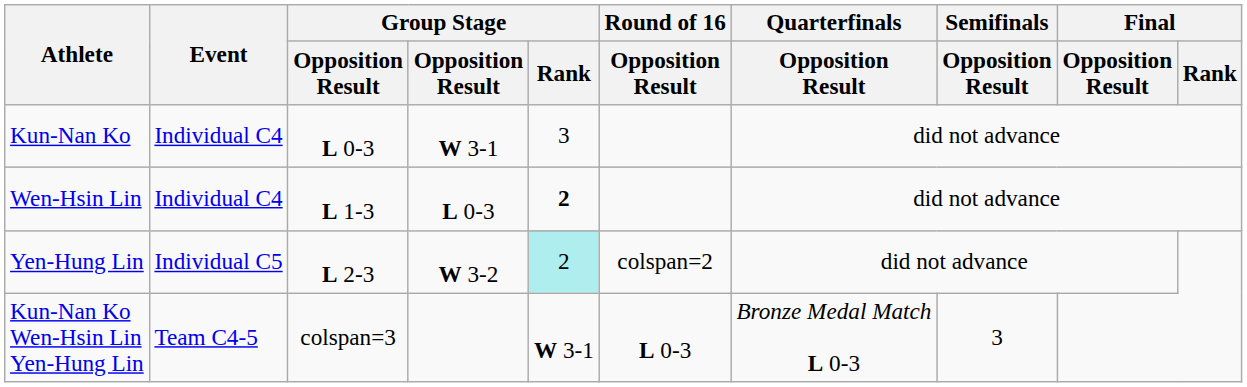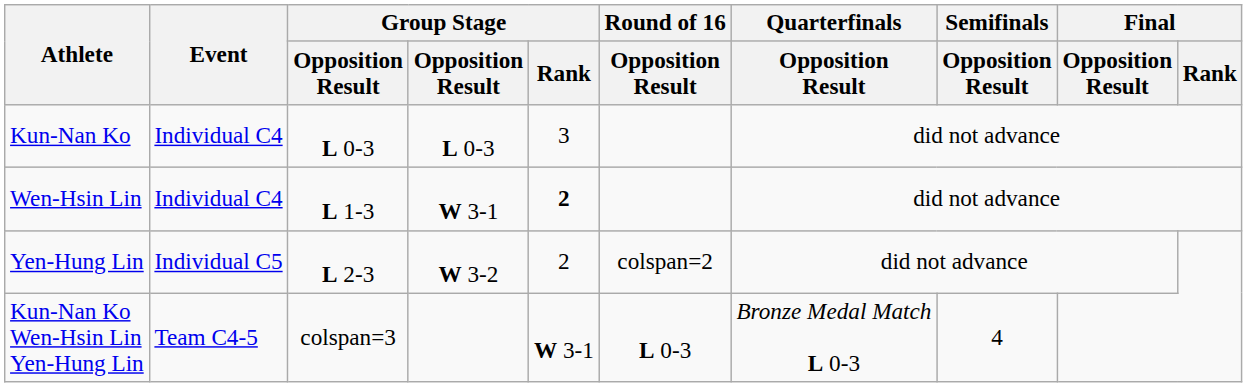 <table class=wikitable>
 <tr>
 <th rowspan="2">Athlete</th>
 <th rowspan="2">Event</th>
 <th colspan="3">Group Stage</th>
 <th>Round of 16</th>
 <th>Quarterfinals</th>
 <th>Semifinals</th>
 <th colspan="2">Final</th>
 </tr>
 <tr>
 <th>Opposition<br>Result</th>
 <th>Opposition<br>Result</th>
 <th>Rank</th>
 <th>Opposition<br>Result</th>
 <th>Opposition<br>Result</th>
 <th>Opposition<br>Result</th>
 <th>Opposition<br>Result</th>
 <th>Rank</th>
 </tr>
 <tr align=center>
 <td align=left><a href='#'>Kun-Nan Ko</a></td>
 <td align=left><a href='#'>Individual C4</a></td>
 <td><br><strong>L</strong> 0-3</td>
-<td><br><strong>W</strong> 3-1</td>
+<td><br><strong>L</strong> 0-3</td>
 <td>3</td>
 <td></td>
 <td colspan=4>did not advance</td>
 </tr>
 <tr align=center>
 <td align=left><a href='#'>Wen-Hsin Lin</a></td>
 <td align=left><a href='#'>Individual C4</a></td>
 <td><br><strong>L</strong> 1-3</td>
-<td><br><strong>L</strong> 0-3</td>
+<td><br><strong>W</strong> 3-1</td>
 <td><strong>2</strong></td>
 <td></td>
 <td colspan=4>did not advance</td>
 </tr>
 <tr align=center>
 <td align=left><a href='#'>Yen-Hung Lin</a></td>
 <td align=left><a href='#'>Individual C5</a></td>
 <td><br><strong>L</strong> 2-3</td>
 <td><br><strong>W</strong> 3-2</td>
-<td style="background: paleturquoise;">2</td>
+<td>2</td>
 <td>colspan=2 </td>
 <td colspan=3>did not advance</td>
 </tr>
 <tr align=center>
 <td align=left><a href='#'>Kun-Nan Ko</a><br><a href='#'>Wen-Hsin Lin</a><br><a href='#'>Yen-Hung Lin</a></td>
 <td align=left><a href='#'>Team C4-5</a></td>
 <td>colspan=3 </td>
 <td></td>
 <td><br><strong>W</strong> 3-1</td>
 <td><br><strong>L</strong> 0-3</td>
 <td><em>Bronze Medal Match</em><br><br><strong>L</strong> 0-3</td>
-<td>3</td>
+<td>4</td>
 </tr>
 </table>
